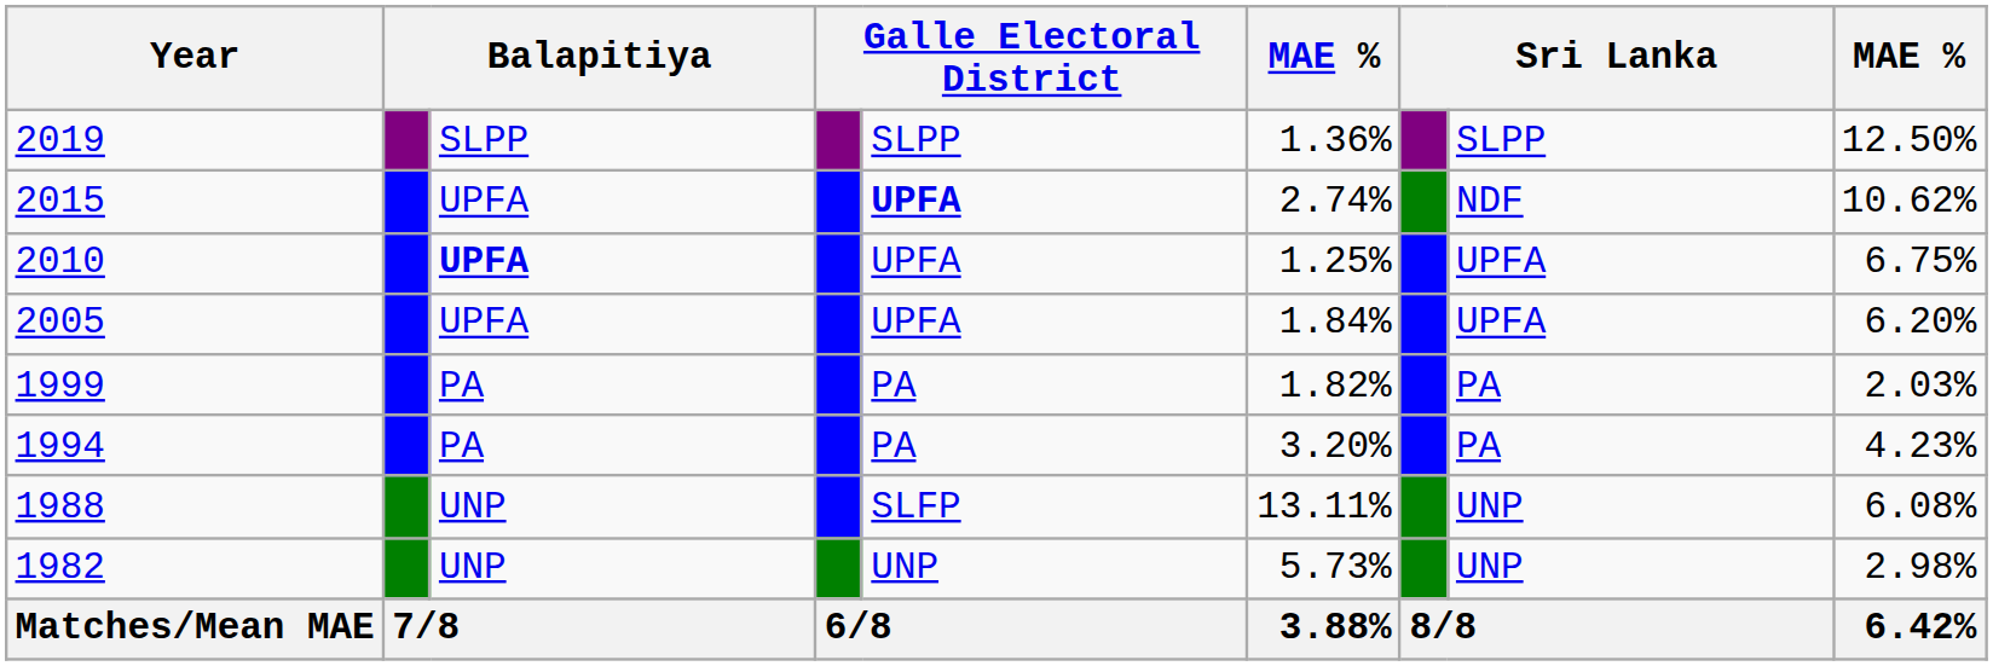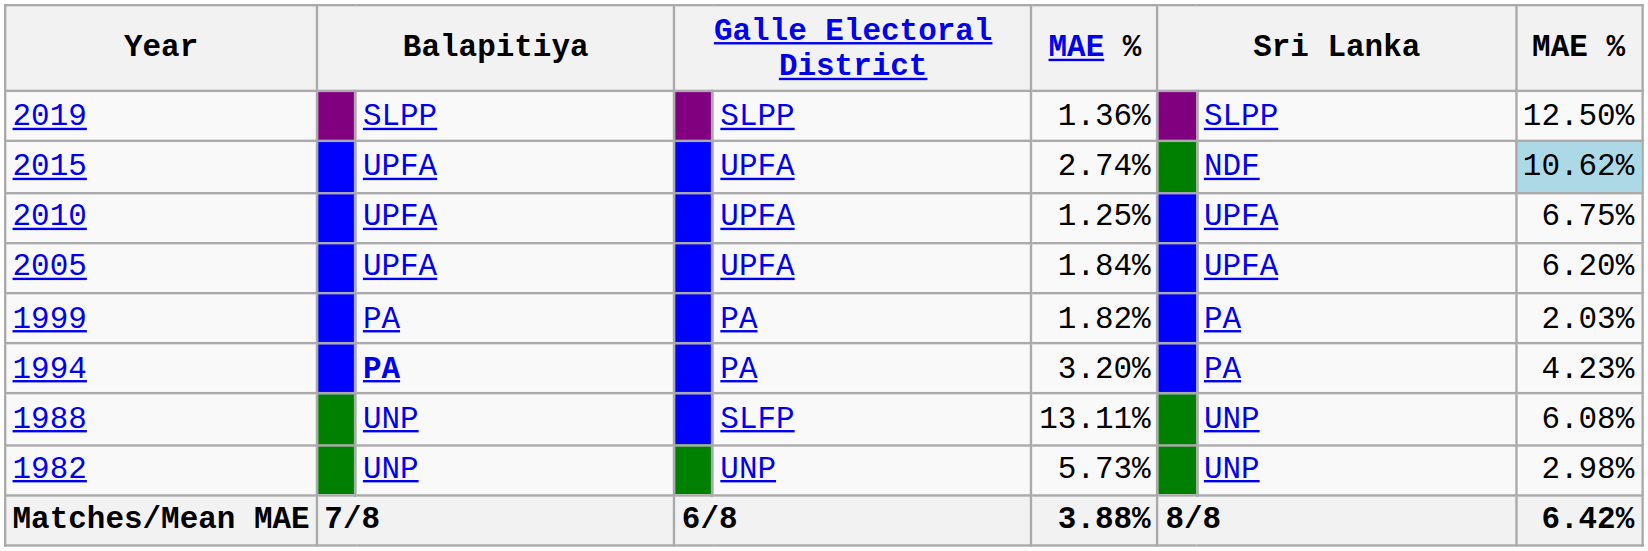 <table class="wikitable">
 <tr>
 <th>Year</th>
 <th colspan="2" width="144px">Balapitiya</th>
 <th colspan="2" width="144px"><a href='#'>Galle Electoral District</a></th>
 <th><a href='#'>MAE</a> %</th>
 <th colspan="2" width="144px">Sri Lanka</th>
 <th>MAE %</th>
 </tr>
 <tr>
 <td><a href='#'>2019</a></td>
 <td style="background-color:purple;" width="10px"></td>
 <td style="text-align:left;"><a href='#'>SLPP</a></td>
 <td style="background-color:purple;" width="10px"></td>
 <td style="text-align:left;"><a href='#'>SLPP</a></td>
 <td style="text-align:right;">1.36%</td>
 <td style="background-color:purple;" width="10px"></td>
 <td style="text-align:left;"><a href='#'>SLPP</a></td>
 <td style="text-align:right;">12.50%</td>
 </tr>
 <tr>
 <td><a href='#'>2015</a></td>
 <td style="background-color:blue;" width="10px"></td>
 <td style="text-align:left;"><a href='#'>UPFA</a></td>
 <td style="background-color:blue;" width="10px"></td>
-<td style="text-align:left;"><strong><a href='#'>UPFA</a></strong></td>
+<td style="text-align:left;"><a href='#'>UPFA</a></td>
 <td style="text-align:right;">2.74%</td>
 <td style="background-color:green;" width="10px"></td>
 <td style="text-align:left;"><a href='#'>NDF</a></td>
-<td style="text-align:right;">10.62%</td>
+<td style="background: lightblue; text-align:right;">10.62%</td>
 </tr>
 <tr>
 <td><a href='#'>2010</a></td>
 <td style="background-color:blue;" width="10px"></td>
-<td style="text-align:left;"><strong><a href='#'>UPFA</a></strong></td>
+<td style="text-align:left;"><a href='#'>UPFA</a></td>
 <td style="background-color:blue;" width="10px"></td>
 <td style="text-align:left;"><a href='#'>UPFA</a></td>
 <td style="text-align:right;">1.25%</td>
 <td style="background-color:blue;" width="10px"></td>
 <td style="text-align:left;"><a href='#'>UPFA</a></td>
 <td style="text-align:right;">6.75%</td>
 </tr>
 <tr>
 <td><a href='#'>2005</a></td>
 <td style="background-color:blue;" width="10px"></td>
 <td style="text-align:left;"><a href='#'>UPFA</a></td>
 <td style="background-color:blue;" width="10px"></td>
 <td style="text-align:left;"><a href='#'>UPFA</a></td>
 <td style="text-align:right;">1.84%</td>
 <td style="background-color:blue;" width="10px"></td>
 <td style="text-align:left;"><a href='#'>UPFA</a></td>
 <td style="text-align:right;">6.20%</td>
 </tr>
 <tr>
 <td><a href='#'>1999</a></td>
 <td style="background-color:blue;" width="10px"></td>
 <td style="text-align:left;"><a href='#'>PA</a></td>
 <td style="background-color:blue;" width="10px"></td>
 <td style="text-align:left;"><a href='#'>PA</a></td>
 <td style="text-align:right;">1.82%</td>
 <td style="background-color:blue;" width="10px"></td>
 <td style="text-align:left;"><a href='#'>PA</a></td>
 <td style="text-align:right;">2.03%</td>
 </tr>
 <tr>
 <td><a href='#'>1994</a></td>
 <td style="background-color:blue;" width="10px"></td>
-<td style="text-align:left;"><a href='#'>PA</a></td>
+<td style="text-align:left;"><strong><a href='#'>PA</a></strong></td>
 <td style="background-color:blue;" width="10px"></td>
 <td style="text-align:left;"><a href='#'>PA</a></td>
 <td style="text-align:right;">3.20%</td>
 <td style="background-color:blue;" width="10px"></td>
 <td style="text-align:left;"><a href='#'>PA</a></td>
 <td style="text-align:right;">4.23%</td>
 </tr>
 <tr>
 <td><a href='#'>1988</a></td>
 <td style="background-color:green;" width="10px"></td>
 <td style="text-align:left;"><a href='#'>UNP</a></td>
 <td style="background-color:blue;" width="10px"></td>
 <td style="text-align:left;"><a href='#'>SLFP</a></td>
 <td style="text-align:right;">13.11%</td>
 <td style="background-color:green;" width="10px"></td>
 <td style="text-align:left;"><a href='#'>UNP</a></td>
 <td style="text-align:right;">6.08%</td>
 </tr>
 <tr>
 <td><a href='#'>1982</a></td>
 <td style="background-color:green;" width="10px"></td>
 <td style="text-align:left;"><a href='#'>UNP</a></td>
 <td style="background-color:green;" width="10px"></td>
 <td style="text-align:left;"><a href='#'>UNP</a></td>
 <td style="text-align:right;">5.73%</td>
 <td style="background-color:green;" width="10px"></td>
 <td style="text-align:left;"><a href='#'>UNP</a></td>
 <td style="text-align:right;">2.98%</td>
 </tr>
 <tr>
 <th>Matches/Mean MAE</th>
 <th style="text-align:left;"colspan="2" width="144px">7/8</th>
 <th style="text-align:left;"colspan="2" width="144px">6/8</th>
 <th style="text-align:right;">3.88%</th>
 <th style="text-align:left;"colspan="2" width="144px">8/8</th>
 <th style="text-align:right;">6.42%</th>
 </tr>
 </table>
